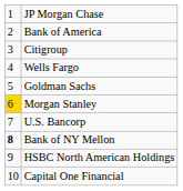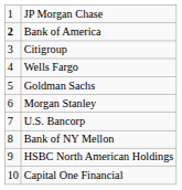 <table class="wikitable">
 <tr>
 <td>1</td>
 <td>JP Morgan Chase</td>
 </tr>
 <tr>
-<td>2</td>
+<td><strong>2</strong></td>
 <td>Bank of America</td>
 </tr>
 <tr>
 <td>3</td>
 <td>Citigroup</td>
 </tr>
 <tr>
 <td>4</td>
 <td>Wells Fargo</td>
 </tr>
 <tr>
 <td>5</td>
 <td>Goldman Sachs</td>
 </tr>
 <tr>
-<td style="background: gold;">6</td>
+<td>6</td>
 <td>Morgan Stanley</td>
 </tr>
 <tr>
 <td>7</td>
 <td>U.S. Bancorp</td>
 </tr>
 <tr>
-<td><strong>8</strong></td>
+<td>8</td>
 <td>Bank of NY Mellon</td>
 </tr>
 <tr>
 <td>9</td>
 <td>HSBC North American Holdings</td>
 </tr>
 <tr>
 <td>10</td>
 <td>Capital One Financial</td>
 </tr>
 </table>
